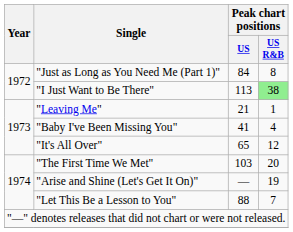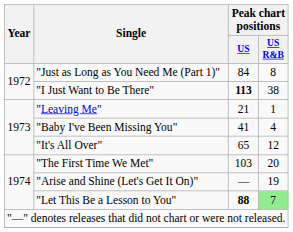 <table class="wikitable" style="text-align:center;">
 <tr>
 <th rowspan="2">Year</th>
 <th rowspan="2">Single</th>
 <th colspan="2">Peak chart positions</th>
 </tr>
 <tr style="font-size:smaller;">
 <th width="35"><a href='#'>US</a><br></th>
 <th width="35"><a href='#'>US<br>R&B</a><br></th>
 </tr>
 <tr>
 <td rowspan="2">1972</td>
 <td align="left">"Just as Long as You Need Me (Part 1)"</td>
 <td>84</td>
 <td>8</td>
 </tr>
 <tr>
 <td align="left">"I Just Want to Be There"</td>
-<td>113</td>
-<td style="background: lightgreen;">38</td>
+<td><strong>113</strong></td>
+<td>38</td>
 </tr>
 <tr>
 <td rowspan="3">1973</td>
 <td align="left">"<a href='#'>Leaving Me</a>"</td>
 <td>21</td>
 <td>1</td>
 </tr>
 <tr>
 <td align="left">"Baby I've Been Missing You"</td>
 <td>41</td>
 <td>4</td>
 </tr>
 <tr>
 <td align="left">"It's All Over"</td>
 <td>65</td>
 <td>12</td>
 </tr>
 <tr>
 <td rowspan="3">1974</td>
 <td align="left">"The First Time We Met"</td>
 <td>103</td>
 <td>20</td>
 </tr>
 <tr>
 <td align="left">"Arise and Shine (Let's Get It On)"</td>
 <td>—</td>
 <td>19</td>
 </tr>
 <tr>
 <td align="left">"Let This Be a Lesson to You"</td>
-<td>88</td>
-<td>7</td>
+<td><strong>88</strong></td>
+<td style="background: lightgreen;">7</td>
 </tr>
 <tr>
 <td align="center" colspan="11">"—" denotes releases that did not chart or were not released.</td>
 </tr>
 <tr>
 </tr>
 </table>
